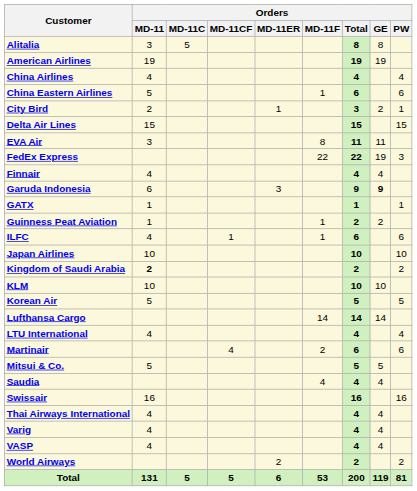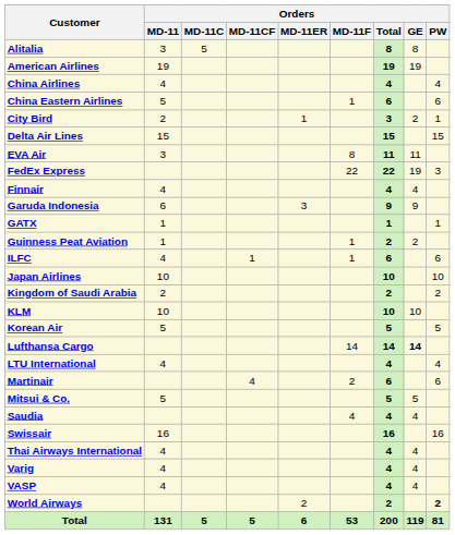 <table class="wikitable sortable sticky-header-multi sort-under" style="text-align:center; font-size: 87.5%; background:#fbf8db">
 <tr>
 <th rowspan="2">Customer</th>
 <th colspan="8">Orders</th>
 </tr>
 <tr style="background-color:#ccddff">
 <th>MD-11</th>
 <th>MD-11C</th>
 <th>MD-11CF</th>
 <th>MD-11ER</th>
 <th>MD-11F</th>
 <th>Total</th>
 <th>GE</th>
 <th>PW</th>
 </tr>
 <tr>
 <td align="left"><strong><a href='#'>Alitalia</a></strong></td>
 <td>3</td>
 <td>5</td>
 <td></td>
 <td></td>
 <td></td>
 <td style="background:#d0f0c0;"><strong>8</strong></td>
 <td>8</td>
 <td></td>
 </tr>
 <tr>
 <td align="left"><strong><a href='#'>American Airlines</a></strong></td>
 <td>19</td>
 <td></td>
 <td></td>
 <td></td>
 <td></td>
 <td style="background:#d0f0c0;"><strong>19</strong></td>
 <td>19</td>
 <td></td>
 </tr>
 <tr>
 <td align="left"><strong><a href='#'>China Airlines</a></strong></td>
 <td>4</td>
 <td></td>
 <td></td>
 <td></td>
 <td></td>
 <td style="background:#d0f0c0;"><strong>4</strong></td>
 <td></td>
 <td>4</td>
 </tr>
 <tr>
 <td align="left"><strong><a href='#'>China Eastern Airlines</a></strong></td>
 <td>5</td>
 <td></td>
 <td></td>
 <td></td>
 <td>1</td>
 <td style="background:#d0f0c0;"><strong>6</strong></td>
 <td></td>
 <td>6</td>
 </tr>
 <tr>
 <td align="left"><strong><a href='#'>City Bird</a></strong></td>
 <td>2</td>
 <td></td>
 <td></td>
 <td>1</td>
 <td></td>
 <td style="background:#d0f0c0;"><strong>3</strong></td>
 <td>2</td>
 <td>1</td>
 </tr>
 <tr>
 <td align="left"><strong><a href='#'>Delta Air Lines</a></strong></td>
 <td>15</td>
 <td></td>
 <td></td>
 <td></td>
 <td></td>
 <td style="background:#d0f0c0;"><strong>15</strong></td>
 <td></td>
 <td>15</td>
 </tr>
 <tr>
 <td align="left"><strong><a href='#'>EVA Air</a></strong></td>
 <td>3</td>
 <td></td>
 <td></td>
 <td></td>
 <td>8</td>
 <td style="background:#d0f0c0;"><strong>11</strong></td>
 <td>11</td>
 <td></td>
 </tr>
 <tr>
 <td align="left"><strong><a href='#'>FedEx Express</a></strong></td>
 <td></td>
 <td></td>
 <td></td>
 <td></td>
 <td>22</td>
 <td style="background:#d0f0c0;"><strong>22</strong></td>
 <td>19</td>
 <td>3</td>
 </tr>
 <tr>
 <td align="left"><strong><a href='#'>Finnair</a></strong></td>
 <td>4</td>
 <td></td>
 <td></td>
 <td></td>
 <td></td>
 <td style="background:#d0f0c0;"><strong>4</strong></td>
 <td>4</td>
 <td></td>
 </tr>
 <tr>
 <td align="left"><strong><a href='#'>Garuda Indonesia</a></strong></td>
 <td>6</td>
 <td></td>
 <td></td>
 <td>3</td>
 <td></td>
 <td style="background:#d0f0c0;"><strong>9</strong></td>
-<td><strong>9</strong></td>
+<td>9</td>
 <td></td>
 </tr>
 <tr>
 <td align="left"><strong><a href='#'>GATX</a></strong></td>
 <td>1</td>
 <td></td>
 <td></td>
 <td></td>
 <td></td>
 <td style="background:#d0f0c0;"><strong>1</strong></td>
 <td></td>
 <td>1</td>
 </tr>
 <tr>
 <td align="left"><strong><a href='#'>Guinness Peat Aviation</a></strong></td>
 <td>1</td>
 <td></td>
 <td></td>
 <td></td>
 <td>1</td>
 <td style="background:#d0f0c0;"><strong>2</strong></td>
 <td>2</td>
 <td></td>
 </tr>
 <tr>
 <td align="left"><strong><a href='#'>ILFC</a></strong></td>
 <td>4</td>
 <td></td>
 <td>1</td>
 <td></td>
 <td>1</td>
 <td style="background:#d0f0c0;"><strong>6</strong></td>
 <td></td>
 <td>6</td>
 </tr>
 <tr>
 <td align="left"><strong><a href='#'>Japan Airlines</a></strong></td>
 <td>10</td>
 <td></td>
 <td></td>
 <td></td>
 <td></td>
 <td style="background:#d0f0c0;"><strong>10</strong></td>
 <td></td>
 <td>10</td>
 </tr>
 <tr>
 <td align="left"><strong><a href='#'>Kingdom of Saudi Arabia</a></strong></td>
-<td><strong>2</strong></td>
+<td>2</td>
 <td></td>
 <td></td>
 <td></td>
 <td></td>
 <td style="background:#d0f0c0;"><strong>2</strong></td>
 <td></td>
 <td>2</td>
 </tr>
 <tr>
 <td align="left"><strong><a href='#'>KLM</a></strong></td>
 <td>10</td>
 <td></td>
 <td></td>
 <td></td>
 <td></td>
 <td style="background:#d0f0c0;"><strong>10</strong></td>
 <td>10</td>
 <td></td>
 </tr>
 <tr>
 <td align="left"><strong><a href='#'>Korean Air</a></strong></td>
 <td>5</td>
 <td></td>
 <td></td>
 <td></td>
 <td></td>
 <td style="background:#d0f0c0;"><strong>5</strong></td>
 <td></td>
 <td>5</td>
 </tr>
 <tr>
 <td align="left"><strong><a href='#'>Lufthansa Cargo</a></strong></td>
 <td></td>
 <td></td>
 <td></td>
 <td></td>
 <td>14</td>
 <td style="background:#d0f0c0;"><strong>14</strong></td>
-<td>14</td>
+<td><strong>14</strong></td>
 <td></td>
 </tr>
 <tr>
 <td align="left"><strong><a href='#'>LTU International</a></strong></td>
 <td>4</td>
 <td></td>
 <td></td>
 <td></td>
 <td></td>
 <td style="background:#d0f0c0;"><strong>4</strong></td>
 <td></td>
 <td>4</td>
 </tr>
 <tr>
 <td align="left"><strong><a href='#'>Martinair</a></strong></td>
 <td></td>
 <td></td>
 <td>4</td>
 <td></td>
 <td>2</td>
 <td style="background:#d0f0c0;"><strong>6</strong></td>
 <td></td>
 <td>6</td>
 </tr>
 <tr>
 <td align="left"><strong><a href='#'>Mitsui & Co.</a></strong></td>
 <td>5</td>
 <td></td>
 <td></td>
 <td></td>
 <td></td>
 <td style="background:#d0f0c0;"><strong>5</strong></td>
 <td>5</td>
 <td></td>
 </tr>
 <tr>
 <td align="left"><strong><a href='#'>Saudia</a></strong></td>
 <td></td>
 <td></td>
 <td></td>
 <td></td>
 <td>4</td>
 <td style="background:#d0f0c0;"><strong>4</strong></td>
 <td>4</td>
 <td></td>
 </tr>
 <tr>
 <td align="left"><strong><a href='#'>Swissair</a></strong></td>
 <td>16</td>
 <td></td>
 <td></td>
 <td></td>
 <td></td>
 <td style="background:#d0f0c0;"><strong>16</strong></td>
 <td></td>
 <td>16</td>
 </tr>
 <tr>
 <td align="left"><strong><a href='#'>Thai Airways International</a></strong></td>
 <td>4</td>
 <td></td>
 <td></td>
 <td></td>
 <td></td>
 <td style="background:#d0f0c0;"><strong>4</strong></td>
 <td>4</td>
 <td></td>
 </tr>
 <tr>
 <td align="left"><strong><a href='#'>Varig</a></strong></td>
 <td>4</td>
 <td></td>
 <td></td>
 <td></td>
 <td></td>
 <td style="background:#d0f0c0;"><strong>4</strong></td>
 <td>4</td>
 <td></td>
 </tr>
 <tr>
 <td align="left"><strong><a href='#'>VASP</a></strong></td>
 <td>4</td>
 <td></td>
 <td></td>
 <td></td>
 <td></td>
 <td style="background:#d0f0c0;"><strong>4</strong></td>
 <td>4</td>
 <td></td>
 </tr>
 <tr>
 <td align="left"><strong><a href='#'>World Airways</a></strong></td>
 <td></td>
 <td></td>
 <td></td>
 <td>2</td>
 <td></td>
 <td style="background:#d0f0c0;"><strong>2</strong></td>
 <td></td>
-<td>2</td>
+<td><strong>2</strong></td>
 </tr>
 <tr class="sortbottom" style="font-weight:bold; background:#d0f0c0">
 <td>Total</td>
 <td>131</td>
 <td>5</td>
 <td>5</td>
 <td>6</td>
 <td>53</td>
 <td>200</td>
 <td>119</td>
 <td>81</td>
 </tr>
 </table>
